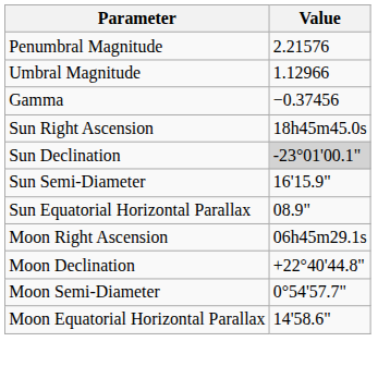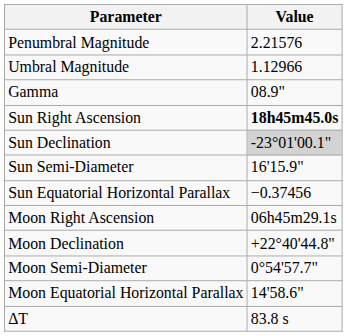 <table class="wikitable">
 <tr>
 <th>Parameter</th>
 <th>Value</th>
 </tr>
 <tr>
 <td>Penumbral Magnitude</td>
 <td>2.21576</td>
 </tr>
 <tr>
 <td>Umbral Magnitude</td>
 <td>1.12966</td>
 </tr>
 <tr>
 <td>Gamma</td>
-<td>−0.37456</td>
+<td>08.9"</td>
 </tr>
 <tr>
 <td>Sun Right Ascension</td>
-<td>18h45m45.0s</td>
+<td><strong>18h45m45.0s</strong></td>
 </tr>
 <tr>
 <td>Sun Declination</td>
 <td style="background: lightgrey;">-23°01'00.1"</td>
 </tr>
 <tr>
 <td>Sun Semi-Diameter</td>
 <td>16'15.9"</td>
 </tr>
 <tr>
 <td>Sun Equatorial Horizontal Parallax</td>
-<td>08.9"</td>
+<td>−0.37456</td>
 </tr>
 <tr>
 <td>Moon Right Ascension</td>
 <td>06h45m29.1s</td>
 </tr>
 <tr>
 <td>Moon Declination</td>
 <td>+22°40'44.8"</td>
 </tr>
 <tr>
 <td>Moon Semi-Diameter</td>
 <td>0°54'57.7"</td>
 </tr>
 <tr>
 <td>Moon Equatorial Horizontal Parallax</td>
 <td>14'58.6"</td>
 </tr>
+<tr>
+<td>ΔT</td>
+<td>83.8 s</td>
+</tr>
 </table>
